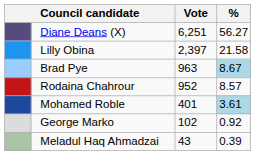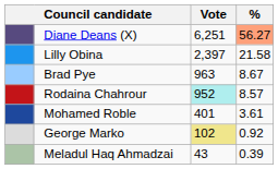 <table class="wikitable">
 <tr>
 <th width="230px" colspan="2">Council candidate</th>
 <th width="50px">Vote</th>
 <th width="30px">%</th>
 </tr>
 <tr>
 <td bgcolor=#574A7F width="30px"> </td>
 <td>  <a href='#'>Diane Deans</a> (X)</td>
 <td>6,251</td>
-<td>56.27</td>
+<td style="background: lightsalmon;">56.27</td>
 </tr>
 <tr>
 <td bgcolor=#1D95EE width="30px"> </td>
 <td>  Lilly Obina</td>
 <td>2,397</td>
 <td>21.58</td>
 </tr>
 <tr>
 <td bgcolor=#99CCFF width="30px"> </td>
 <td>  Brad Pye</td>
 <td>963</td>
-<td style="background: lightblue;">8.67</td>
+<td>8.67</td>
 </tr>
 <tr>
 <td bgcolor=#C31418 width="30px"> </td>
 <td>  Rodaina Chahrour</td>
-<td>952</td>
+<td style="background: paleturquoise;">952</td>
 <td>8.57</td>
 </tr>
 <tr>
 <td bgcolor=#1E489D width="30px"> </td>
 <td>  Mohamed Roble</td>
 <td>401</td>
-<td style="background: lightblue;">3.61</td>
+<td>3.61</td>
 </tr>
 <tr>
 <td bgcolor=#DCDCDC width="30px"> </td>
 <td>  George Marko</td>
-<td>102</td>
+<td style="background: khaki;">102</td>
 <td>0.92</td>
 </tr>
 <tr>
 <td bgcolor=#ABC4A7 width="30px"> </td>
 <td>  Meladul Haq Ahmadzai</td>
 <td>43</td>
 <td>0.39</td>
 </tr>
 </table>
